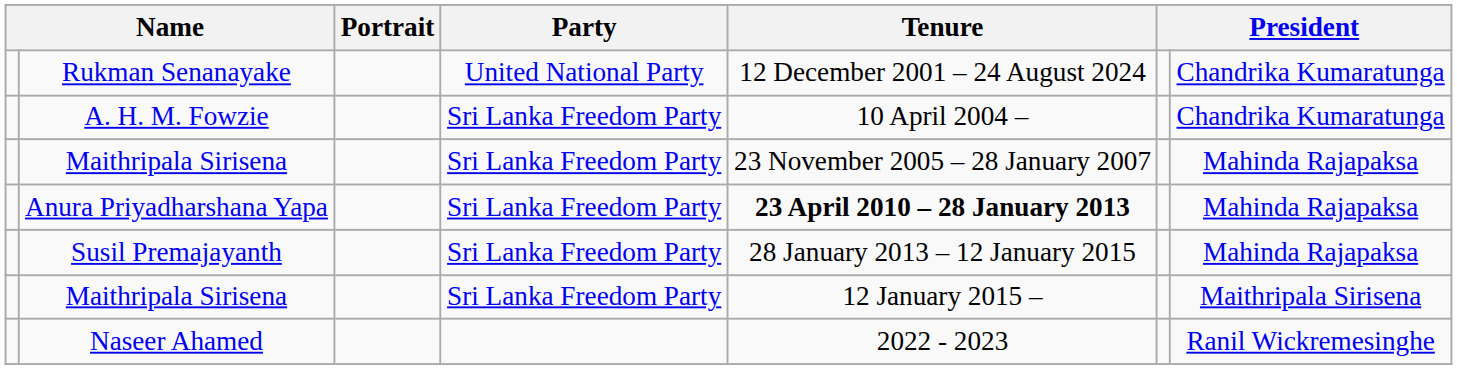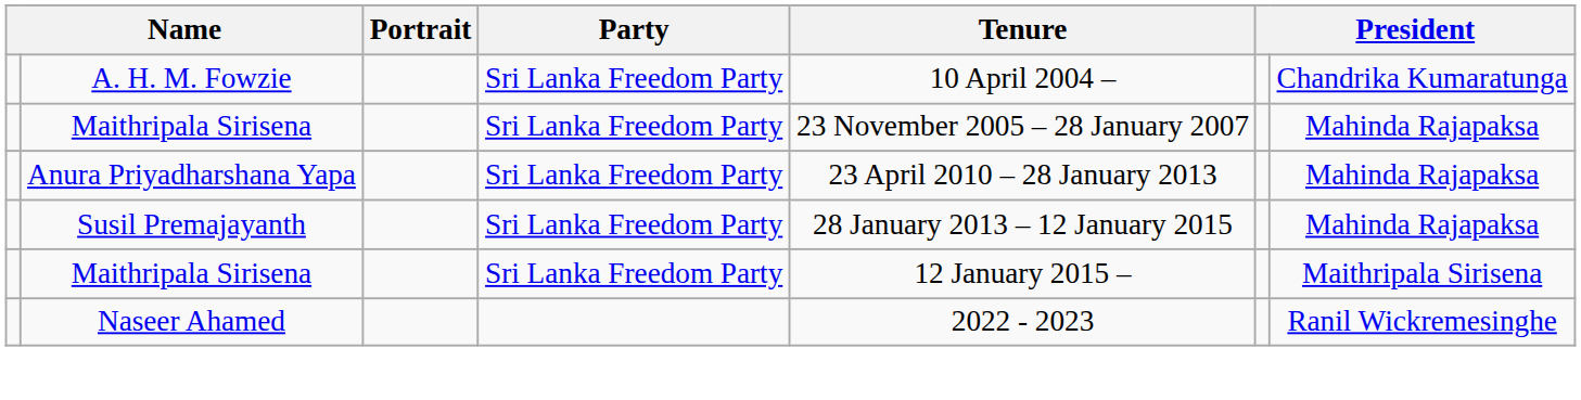 <table class="wikitable" style="margin:1em auto; font-size:90%; text-align:center;">
 <tr>
 <th colspan="2">Name</th>
 <th>Portrait</th>
 <th>Party</th>
 <th>Tenure</th>
 <th colspan="2"><a href='#'>President</a></th>
-</tr>
-<tr>
-<td !align="center" style="background:"></td>
-<td><a href='#'>Rukman Senanayake</a></td>
-<td></td>
-<td><a href='#'>United National Party</a></td>
-<td>12 December 2001 – 24 August 2024</td>
-<td !align="center" style="background:"></td>
-<td><a href='#'>Chandrika Kumaratunga</a></td>
 </tr>
 <tr>
 <td !align="center" style="background:"></td>
 <td><a href='#'>A. H. M. Fowzie</a></td>
 <td></td>
 <td><a href='#'>Sri Lanka Freedom Party</a></td>
 <td>10 April 2004 –</td>
 <td !align="center" style="background:"></td>
 <td><a href='#'>Chandrika Kumaratunga</a></td>
 </tr>
 <tr>
 <td !align="center" style="background:"></td>
 <td><a href='#'>Maithripala Sirisena</a></td>
 <td></td>
 <td><a href='#'>Sri Lanka Freedom Party</a></td>
 <td>23 November 2005 – 28 January 2007</td>
 <td !align="center" style="background:"></td>
 <td><a href='#'>Mahinda Rajapaksa</a></td>
 </tr>
 <tr>
 <td !align="center" style="background:"></td>
 <td><a href='#'>Anura Priyadharshana Yapa</a></td>
 <td></td>
 <td><a href='#'>Sri Lanka Freedom Party</a></td>
-<td><strong>23 April 2010 – 28 January 2013</strong></td>
+<td>23 April 2010 – 28 January 2013</td>
 <td !align="center" style="background:"></td>
 <td><a href='#'>Mahinda Rajapaksa</a></td>
 </tr>
 <tr>
 <td !align="center" style="background:"></td>
 <td><a href='#'>Susil Premajayanth</a></td>
 <td></td>
 <td><a href='#'>Sri Lanka Freedom Party</a></td>
 <td>28 January 2013 – 12 January 2015</td>
 <td !align="center" style="background:"></td>
 <td><a href='#'>Mahinda Rajapaksa</a></td>
 </tr>
 <tr>
 <td !align="center" style="background:"></td>
 <td><a href='#'>Maithripala Sirisena</a></td>
 <td></td>
 <td><a href='#'>Sri Lanka Freedom Party</a></td>
 <td>12 January 2015 –</td>
 <td !align="center" style="background:"></td>
 <td><a href='#'>Maithripala Sirisena</a></td>
 </tr>
 <tr>
 <td></td>
 <td><a href='#'>Naseer Ahamed</a></td>
 <td></td>
 <td></td>
 <td>2022 - 2023</td>
 <td></td>
 <td><a href='#'>Ranil Wickremesinghe</a></td>
 </tr>
 </table>
